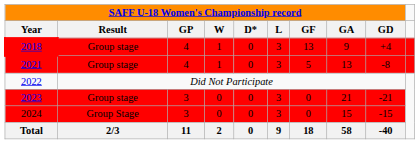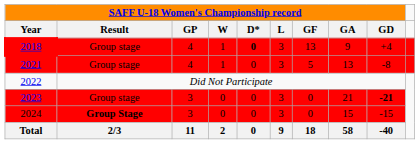 <table class="wikitable sortable" style="text-align: center; width:50%;">
 <tr>
 <th colspan="9" style="background: #FF8C00; color: #0000FF;"><a href='#'>SAFF U-18 Women's Championship record</a></th>
 </tr>
 <tr>
 <th>Year</th>
 <th>Result</th>
 <th>GP</th>
 <th>W</th>
 <th>D*</th>
 <th>L</th>
 <th>GF</th>
 <th>GA</th>
 <th>GD</th>
 <td></td>
 </tr>
 <tr bgcolor="Red">
 <td style="border: 3px solid red"><a href='#'>2018</a></td>
 <td>Group stage</td>
 <td>4</td>
 <td>1</td>
-<td>0</td>
+<td><strong>0</strong></td>
 <td>3</td>
 <td>13</td>
 <td>9</td>
 <td>+4</td>
 <td></td>
 </tr>
 <tr bgcolor="Red">
 <td><a href='#'>2021</a></td>
 <td>Group stage</td>
 <td>4</td>
 <td>1</td>
 <td>0</td>
 <td>3</td>
 <td>5</td>
 <td>13</td>
 <td>-8</td>
 <td></td>
 </tr>
 <tr>
 <td><a href='#'>2022</a></td>
 <td colspan="8"><em>Did Not Participate</em></td>
 </tr>
 <tr bgcolor="Red">
 <td> <a href='#'>2023</a></td>
 <td>Group stage</td>
 <td>3</td>
 <td>0</td>
 <td>0</td>
 <td>3</td>
 <td>0</td>
 <td>21</td>
-<td>-21</td>
+<td><strong>-21</strong></td>
 </tr>
 <tr bgcolor="Red">
 <td> 2024</td>
-<td>Group Stage</td>
+<td><strong>Group Stage</strong></td>
 <td>3</td>
 <td>0</td>
 <td>0</td>
 <td>3</td>
 <td>0</td>
 <td>15</td>
 <td>-15</td>
 </tr>
 <tr>
 <th>Total</th>
 <th>2/3</th>
 <th>11</th>
 <th>2</th>
 <th>0</th>
 <th>9</th>
 <th>18</th>
 <th>58</th>
 <th>-40</th>
 </tr>
 </table>
